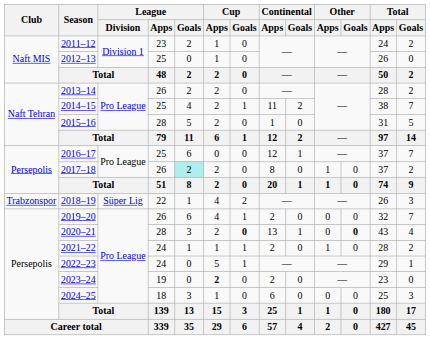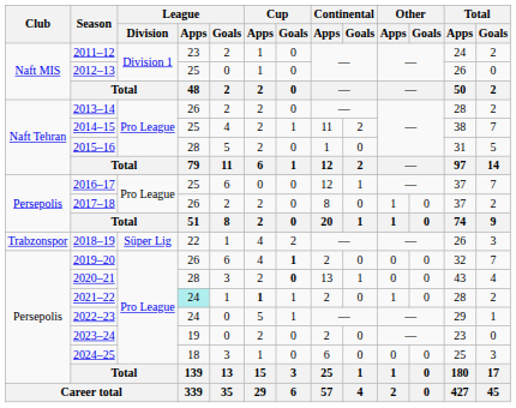 <table class="wikitable" style="text-align:center">
 <tr>
 <th rowspan="2">Club</th>
 <th rowspan="2">Season</th>
 <th colspan="3">League</th>
 <th colspan="2">Cup</th>
 <th colspan="2">Continental</th>
 <th colspan="2">Other</th>
 <th colspan="2">Total</th>
 </tr>
 <tr>
 <th>Division</th>
 <th>Apps</th>
 <th>Goals</th>
 <th>Apps</th>
 <th>Goals</th>
 <th>Apps</th>
 <th>Goals</th>
 <th>Apps</th>
 <th>Goals</th>
 <th>Apps</th>
 <th>Goals</th>
 </tr>
 <tr>
 <td rowspan="3"><a href='#'>Naft MIS</a></td>
 <td><a href='#'>2011–12</a></td>
 <td rowspan="2"><a href='#'>Division 1</a></td>
 <td>23</td>
 <td>2</td>
 <td>1</td>
 <td>0</td>
 <td colspan="2" rowspan="2">—</td>
 <td colspan="2" rowspan="2">—</td>
 <td>24</td>
 <td>2</td>
 </tr>
 <tr>
 <td><a href='#'>2012–13</a></td>
 <td>25</td>
 <td>0</td>
 <td>1</td>
 <td>0</td>
 <td>26</td>
 <td>0</td>
 </tr>
 <tr>
 <th colspan="2">Total</th>
 <th>48</th>
 <th>2</th>
 <th>2</th>
 <th>0</th>
 <th colspan="2">—</th>
 <th colspan="2">—</th>
 <th>50</th>
 <th>2</th>
 </tr>
 <tr>
 <td rowspan="4"><a href='#'>Naft Tehran</a></td>
 <td><a href='#'>2013–14</a></td>
 <td rowspan="3"><a href='#'>Pro League</a></td>
 <td>26</td>
 <td>2</td>
 <td>2</td>
 <td>0</td>
 <td colspan="2">—</td>
 <td colspan="2" rowspan="3">—</td>
 <td>28</td>
 <td>2</td>
 </tr>
 <tr>
 <td><a href='#'>2014–15</a></td>
 <td>25</td>
 <td>4</td>
 <td>2</td>
 <td>1</td>
 <td>11</td>
 <td>2</td>
 <td>38</td>
 <td>7</td>
 </tr>
 <tr>
 <td><a href='#'>2015–16</a></td>
 <td>28</td>
 <td>5</td>
 <td>2</td>
 <td>0</td>
 <td>1</td>
 <td>0</td>
 <td>31</td>
 <td>5</td>
 </tr>
 <tr>
 <th colspan="2">Total</th>
 <th>79</th>
 <th>11</th>
 <th>6</th>
 <th>1</th>
 <th>12</th>
 <th>2</th>
 <th colspan="2">—</th>
 <th>97</th>
 <th>14</th>
 </tr>
 <tr>
 <td rowspan="3"><a href='#'>Persepolis</a></td>
 <td><a href='#'>2016–17</a></td>
 <td rowspan="2">Pro League</td>
 <td>25</td>
 <td>6</td>
 <td>0</td>
 <td>0</td>
 <td>12</td>
 <td>1</td>
 <td colspan="2">—</td>
 <td>37</td>
 <td>7</td>
 </tr>
 <tr>
 <td><a href='#'>2017–18</a></td>
 <td>26</td>
-<td style="background: paleturquoise;">2</td>
+<td>2</td>
 <td>2</td>
 <td>0</td>
 <td>8</td>
 <td>0</td>
 <td>1</td>
 <td>0</td>
 <td>37</td>
 <td>2</td>
 </tr>
 <tr>
 <th colspan="2">Total</th>
 <th>51</th>
 <th>8</th>
 <th>2</th>
 <th>0</th>
 <th>20</th>
 <th>1</th>
 <th>1</th>
 <th>0</th>
 <th>74</th>
 <th>9</th>
 </tr>
 <tr>
 <td><a href='#'>Trabzonspor</a></td>
 <td><a href='#'>2018–19</a></td>
 <td><a href='#'>Süper Lig</a></td>
 <td>22</td>
 <td>1</td>
 <td>4</td>
 <td>2</td>
 <td colspan="2">—</td>
 <td colspan="2">—</td>
 <td>26</td>
 <td>3</td>
 </tr>
 <tr>
 <td rowspan="7">Persepolis</td>
 <td><a href='#'>2019–20</a></td>
 <td rowspan="6"><a href='#'>Pro League</a></td>
 <td>26</td>
 <td>6</td>
 <td>4</td>
-<td>1</td>
+<td><strong>1</strong></td>
 <td>2</td>
 <td>0</td>
 <td>0</td>
 <td>0</td>
 <td>32</td>
 <td>7</td>
 </tr>
 <tr>
 <td><a href='#'>2020–21</a></td>
 <td>28</td>
 <td>3</td>
 <td>2</td>
 <td><strong>0</strong></td>
 <td>13</td>
 <td>1</td>
 <td>0</td>
-<td><strong>0</strong></td>
+<td>0</td>
 <td>43</td>
 <td>4</td>
 </tr>
 <tr>
 <td><a href='#'>2021–22</a></td>
-<td>24</td>
+<td style="background: paleturquoise;">24</td>
 <td>1</td>
-<td>1</td>
+<td><strong>1</strong></td>
 <td>1</td>
 <td>2</td>
 <td>0</td>
 <td>1</td>
 <td>0</td>
 <td>28</td>
 <td>2</td>
 </tr>
 <tr>
 <td><a href='#'>2022–23</a></td>
 <td>24</td>
 <td>0</td>
 <td>5</td>
 <td>1</td>
 <td colspan="2">—</td>
 <td colspan="2">—</td>
 <td>29</td>
 <td>1</td>
 </tr>
 <tr>
 <td><a href='#'>2023–24</a></td>
 <td>19</td>
 <td>0</td>
-<td><strong>2</strong></td>
+<td>2</td>
 <td>0</td>
 <td>2</td>
 <td>0</td>
 <td colspan="2">—</td>
 <td>23</td>
 <td>0</td>
 </tr>
 <tr>
 <td><a href='#'>2024–25</a></td>
 <td>18</td>
 <td>3</td>
 <td>1</td>
 <td>0</td>
 <td>6</td>
 <td>0</td>
 <td>0</td>
 <td>0</td>
 <td>25</td>
 <td>3</td>
 </tr>
 <tr>
 <th colspan="2">Total</th>
 <th>139</th>
 <th>13</th>
 <th>15</th>
 <th>3</th>
 <th>25</th>
 <th>1</th>
 <th>1</th>
 <th>0</th>
 <th>180</th>
 <th>17</th>
 </tr>
 <tr>
 <th colspan="3">Career total</th>
 <th>339</th>
 <th>35</th>
 <th>29</th>
 <th>6</th>
 <th>57</th>
 <th>4</th>
 <th>2</th>
 <th>0</th>
 <th>427</th>
 <th>45</th>
 </tr>
 </table>
